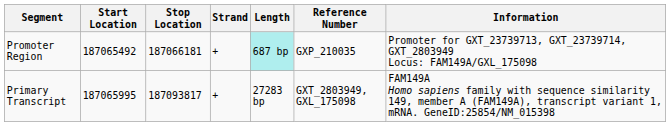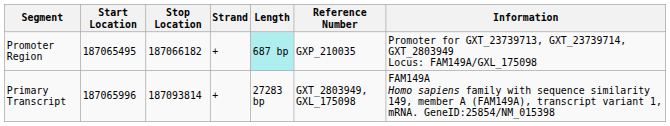 <table class="wikitable">
 <tr>
 <th>Segment</th>
 <th>Start Location</th>
 <th>Stop Location</th>
 <th>Strand</th>
 <th>Length</th>
 <th>Reference Number</th>
 <th>Information</th>
 </tr>
 <tr>
 <td>Promoter Region</td>
-<td>187065492</td>
-<td>187066181</td>
+<td>187065495</td>
+<td>187066182</td>
 <td>+</td>
 <td style="background: paleturquoise;">687 bp</td>
 <td>GXP_210035</td>
 <td>Promoter for GXT_23739713, GXT_23739714, GXT_2803949<br>Locus: FAM149A/GXL_175098</td>
 </tr>
 <tr>
 <td>Primary Transcript</td>
-<td>187065995</td>
-<td>187093817</td>
+<td>187065996</td>
+<td>187093814</td>
 <td>+</td>
 <td>27283 bp</td>
 <td>GXT_2803949, GXL_175098</td>
 <td>FAM149A<br><em>Homo sapiens</em> family with sequence  similarity 149, member A (FAM149A),  transcript variant 1, mRNA. GeneID:25854/NM_015398</td>
 </tr>
 </table>
